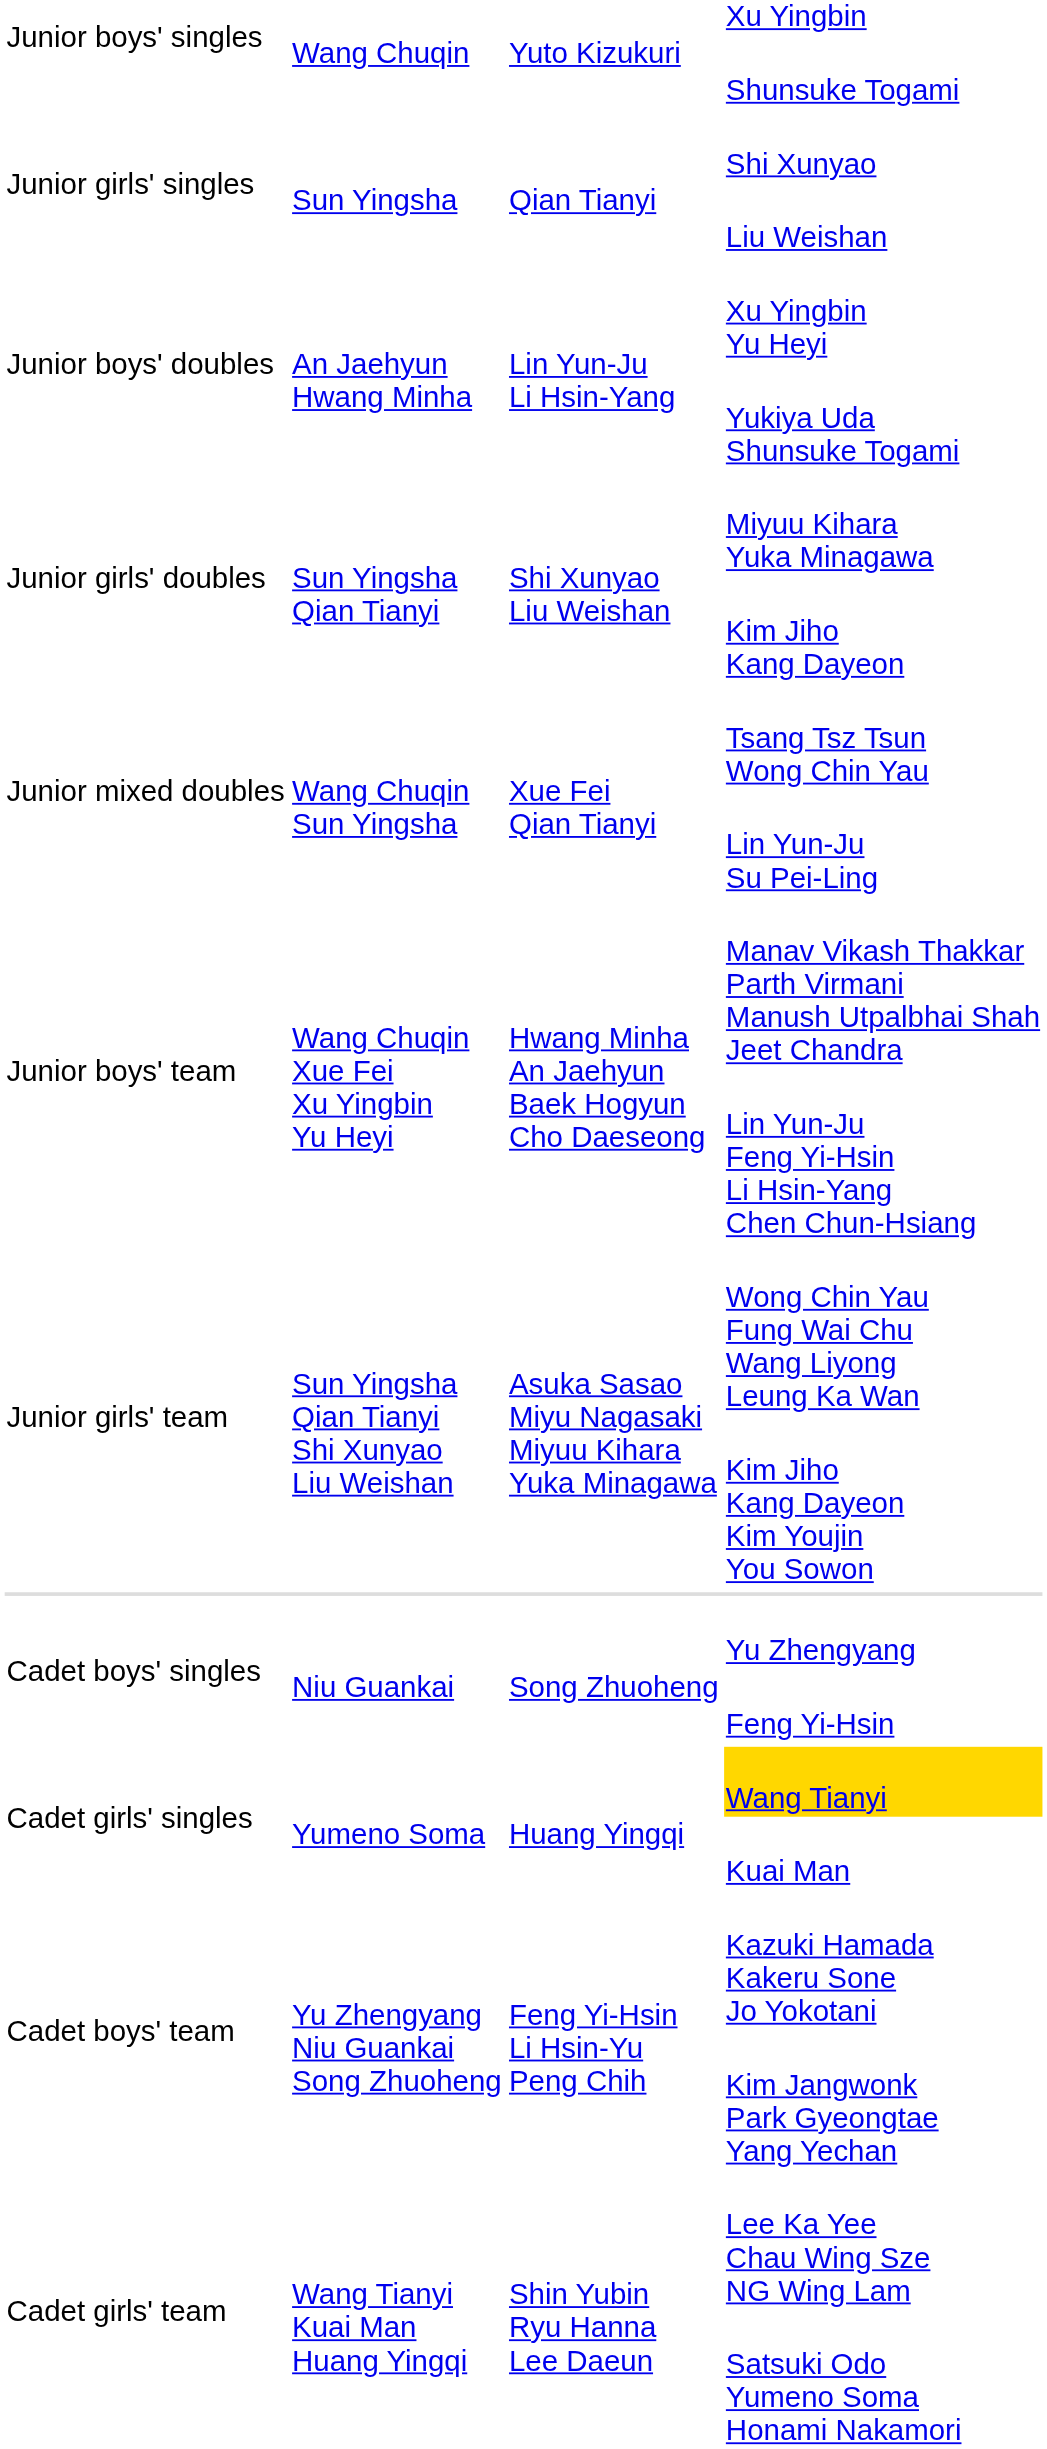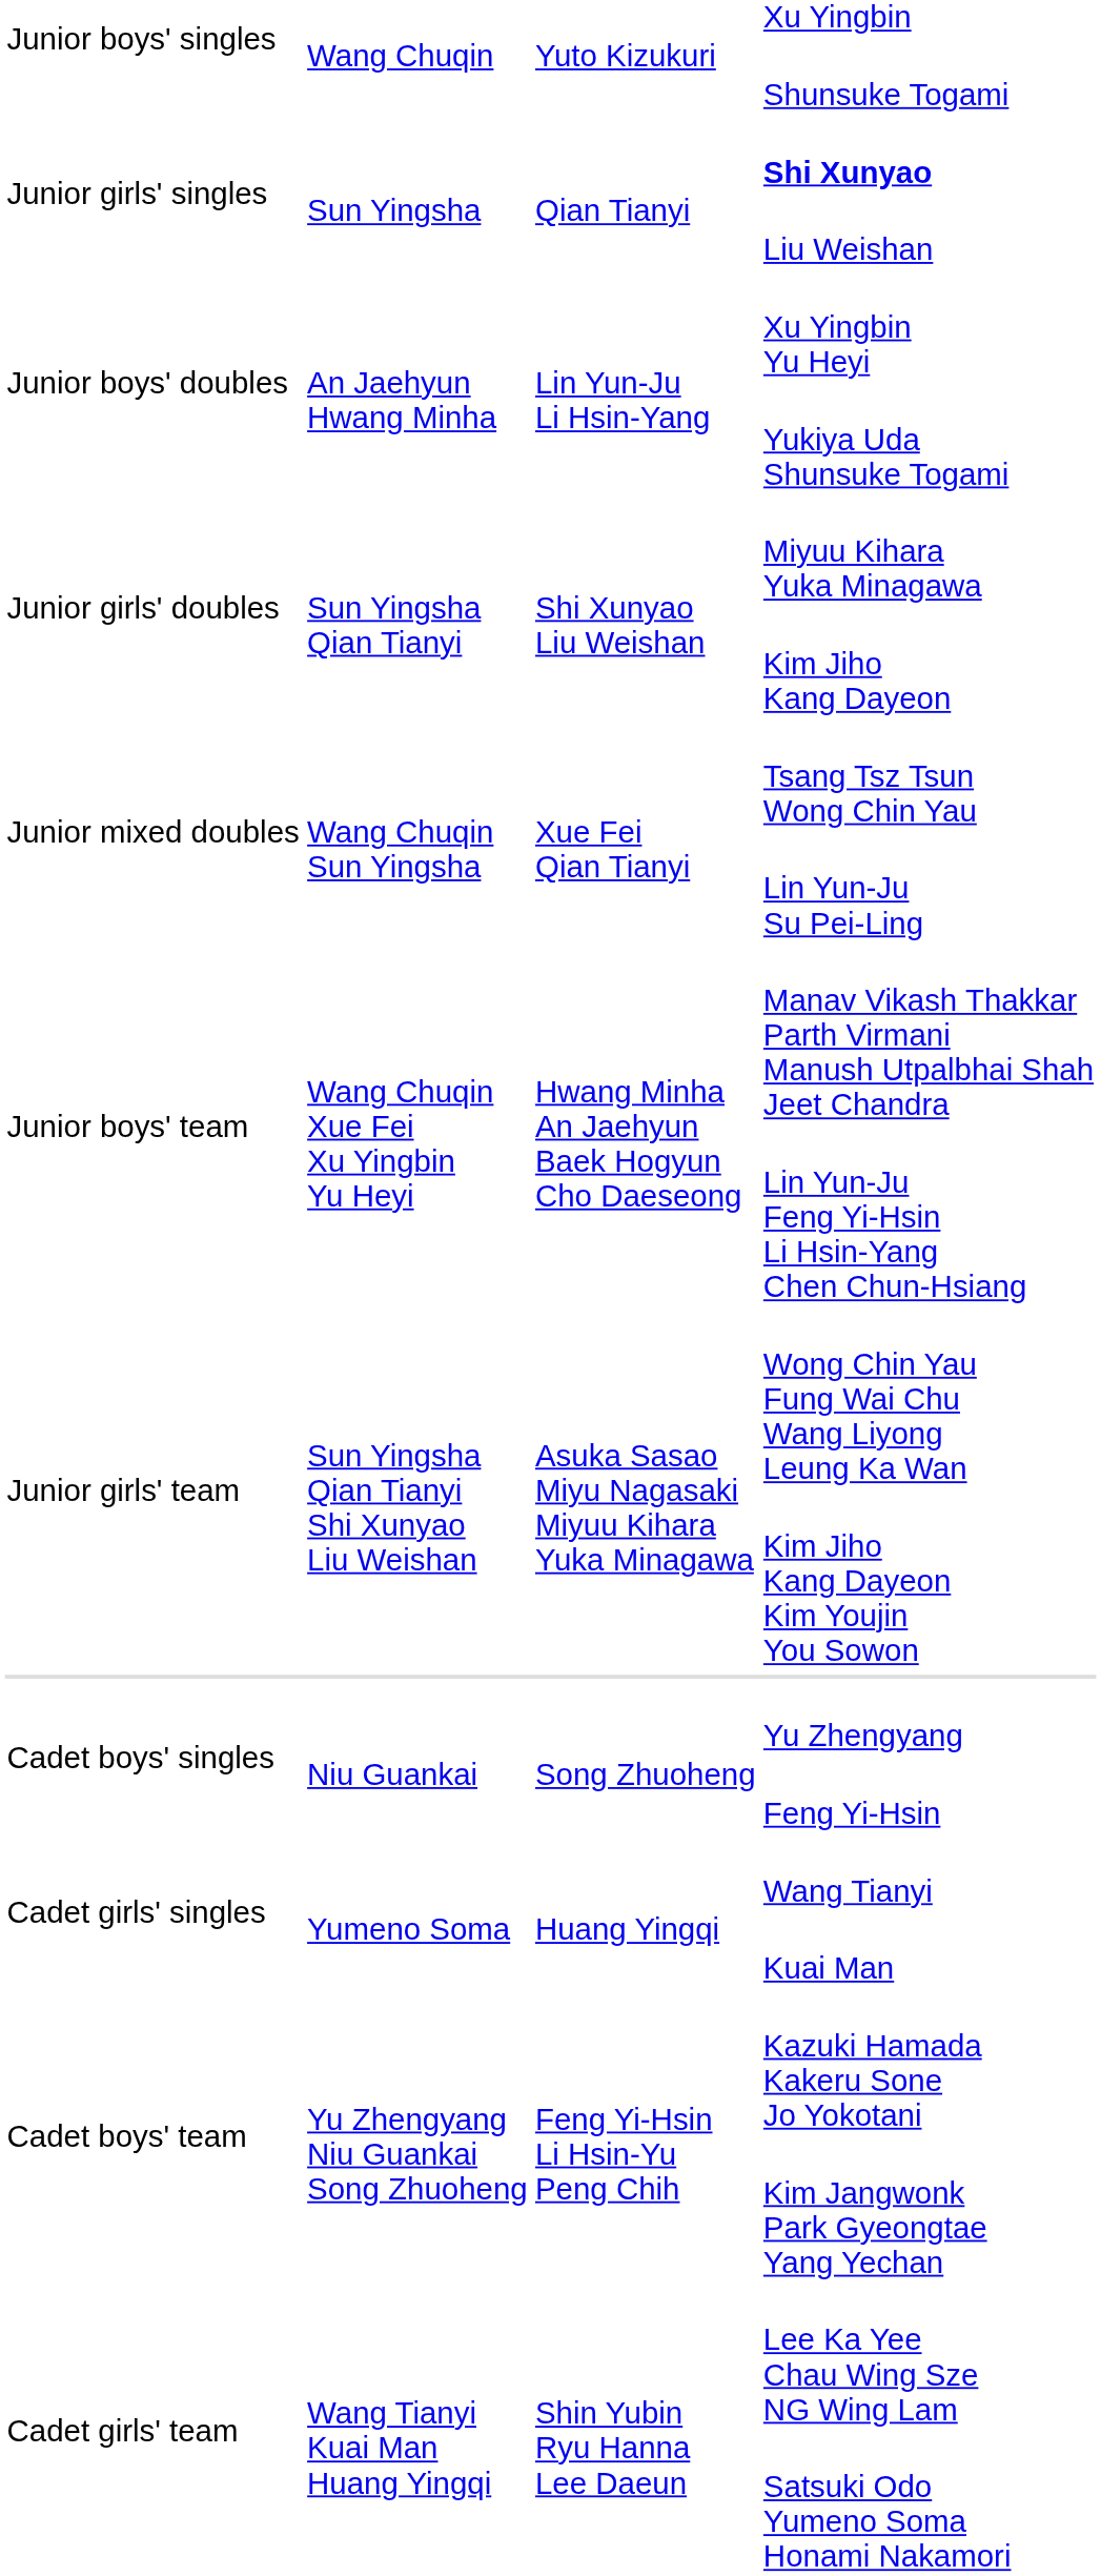 <table>
 <tr>
 <td rowspan=2>Junior boys' singles</td>
 <td rowspan=2><br><a href='#'>Wang Chuqin</a></td>
 <td rowspan=2><br><a href='#'>Yuto Kizukuri</a></td>
 <td><br><a href='#'>Xu Yingbin</a></td>
 </tr>
 <tr>
 <td><br><a href='#'>Shunsuke Togami</a></td>
 </tr>
 <tr>
 <td rowspan=2>Junior girls' singles</td>
 <td rowspan=2><br><a href='#'>Sun Yingsha</a></td>
 <td rowspan=2><br><a href='#'>Qian Tianyi</a></td>
-<td><br><a href='#'>Shi Xunyao</a></td>
+<td><strong><br><a href='#'>Shi Xunyao</a></strong></td>
 </tr>
 <tr>
 <td><br><a href='#'>Liu Weishan</a></td>
 </tr>
 <tr>
 <td rowspan=2>Junior boys' doubles</td>
 <td rowspan=2><br><a href='#'>An Jaehyun</a><br><a href='#'>Hwang Minha</a></td>
 <td rowspan=2><br><a href='#'>Lin Yun-Ju</a><br><a href='#'>Li Hsin-Yang</a></td>
 <td><br><a href='#'>Xu Yingbin</a><br><a href='#'>Yu Heyi</a></td>
 </tr>
 <tr>
 <td><br><a href='#'>Yukiya Uda</a><br><a href='#'>Shunsuke Togami</a></td>
 </tr>
 <tr>
 <td rowspan=2>Junior girls' doubles</td>
 <td rowspan=2><br><a href='#'>Sun Yingsha</a><br><a href='#'>Qian Tianyi</a></td>
 <td rowspan=2><br><a href='#'>Shi Xunyao</a><br><a href='#'>Liu Weishan</a></td>
 <td><br><a href='#'>Miyuu Kihara</a><br><a href='#'>Yuka Minagawa</a></td>
 </tr>
 <tr>
 <td><br><a href='#'>Kim Jiho</a><br><a href='#'>Kang Dayeon</a></td>
 </tr>
 <tr>
 <td rowspan=2>Junior mixed doubles</td>
 <td rowspan=2><br><a href='#'>Wang Chuqin</a><br><a href='#'>Sun Yingsha</a></td>
 <td rowspan=2><br><a href='#'>Xue Fei</a><br><a href='#'>Qian Tianyi</a></td>
 <td><br><a href='#'>Tsang Tsz Tsun</a><br><a href='#'>Wong Chin Yau</a></td>
 </tr>
 <tr>
 <td><br><a href='#'>Lin Yun-Ju</a><br><a href='#'>Su Pei-Ling</a></td>
 </tr>
 <tr>
 <td rowspan=2>Junior boys' team</td>
 <td rowspan=2><br><a href='#'>Wang Chuqin</a><br><a href='#'>Xue Fei</a><br><a href='#'>Xu Yingbin</a><br><a href='#'>Yu Heyi</a></td>
 <td rowspan=2><br><a href='#'>Hwang Minha</a><br><a href='#'>An Jaehyun</a><br><a href='#'>Baek Hogyun</a><br><a href='#'>Cho Daeseong</a></td>
 <td><br><a href='#'>Manav Vikash Thakkar</a><br><a href='#'>Parth Virmani</a><br><a href='#'>Manush Utpalbhai Shah</a><br><a href='#'>Jeet Chandra</a></td>
 </tr>
 <tr>
 <td><br><a href='#'>Lin Yun-Ju</a><br><a href='#'>Feng Yi-Hsin</a><br><a href='#'>Li Hsin-Yang</a><br><a href='#'>Chen Chun-Hsiang</a></td>
 </tr>
 <tr>
 <td rowspan=2>Junior girls' team</td>
 <td rowspan=2><br><a href='#'>Sun Yingsha</a><br><a href='#'>Qian Tianyi</a><br><a href='#'>Shi Xunyao</a><br><a href='#'>Liu Weishan</a></td>
 <td rowspan=2><br><a href='#'>Asuka Sasao</a><br><a href='#'>Miyu Nagasaki</a><br><a href='#'>Miyuu Kihara</a><br><a href='#'>Yuka Minagawa</a></td>
 <td><br><a href='#'>Wong Chin Yau</a><br><a href='#'>Fung Wai Chu</a><br><a href='#'>Wang Liyong</a><br><a href='#'>Leung Ka Wan</a></td>
 </tr>
 <tr>
 <td><br><a href='#'>Kim Jiho</a><br><a href='#'>Kang Dayeon</a><br><a href='#'>Kim Youjin</a><br><a href='#'>You Sowon</a></td>
 </tr>
 <tr style="background:#dddddd;">
 <td colspan=7></td>
 </tr>
 <tr>
 <td rowspan=2>Cadet boys' singles</td>
 <td rowspan=2><br><a href='#'>Niu Guankai</a></td>
 <td rowspan=2><br><a href='#'>Song Zhuoheng</a></td>
 <td><br><a href='#'>Yu Zhengyang</a></td>
 </tr>
 <tr>
 <td><br><a href='#'>Feng Yi-Hsin</a></td>
 </tr>
 <tr>
 <td rowspan=2>Cadet girls' singles</td>
 <td rowspan=2><br><a href='#'>Yumeno Soma</a></td>
 <td rowspan=2><br><a href='#'>Huang Yingqi</a></td>
-<td style="background: gold;"><br><a href='#'>Wang Tianyi</a></td>
+<td><br><a href='#'>Wang Tianyi</a></td>
 </tr>
 <tr>
 <td><br><a href='#'>Kuai Man</a></td>
 </tr>
 <tr>
 <td rowspan=2>Cadet boys' team</td>
 <td rowspan=2><br><a href='#'>Yu Zhengyang</a><br><a href='#'>Niu Guankai</a><br><a href='#'>Song Zhuoheng</a></td>
 <td rowspan=2><br><a href='#'>Feng Yi-Hsin</a><br><a href='#'>Li Hsin-Yu</a><br><a href='#'>Peng Chih</a></td>
 <td><br><a href='#'>Kazuki Hamada</a><br><a href='#'>Kakeru Sone</a><br><a href='#'>Jo Yokotani</a></td>
 </tr>
 <tr>
 <td><br><a href='#'>Kim Jangwonk</a><br><a href='#'>Park Gyeongtae</a><br><a href='#'>Yang Yechan</a></td>
 </tr>
 <tr>
 <td rowspan=2>Cadet girls' team</td>
 <td rowspan=2><br><a href='#'>Wang Tianyi</a><br><a href='#'>Kuai Man</a><br><a href='#'>Huang Yingqi</a></td>
 <td rowspan=2><br><a href='#'>Shin Yubin</a><br><a href='#'>Ryu Hanna</a><br><a href='#'>Lee Daeun</a></td>
 <td><br><a href='#'>Lee Ka Yee</a><br><a href='#'>Chau Wing Sze</a><br><a href='#'>NG Wing Lam</a></td>
 </tr>
 <tr>
 <td><br><a href='#'>Satsuki Odo</a><br><a href='#'>Yumeno Soma</a><br><a href='#'>Honami Nakamori</a></td>
 </tr>
 </table>
